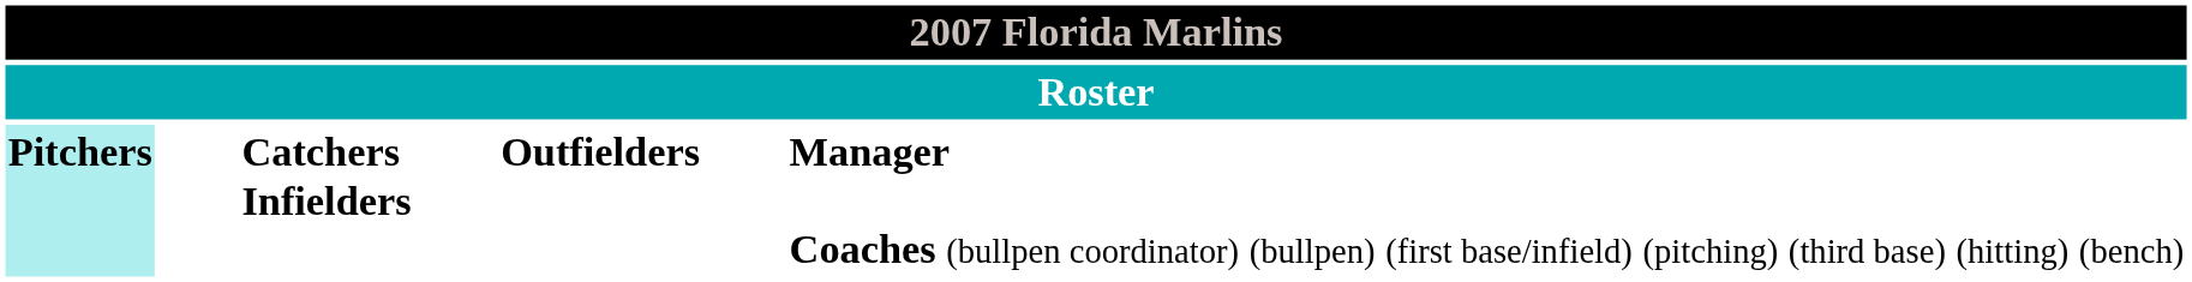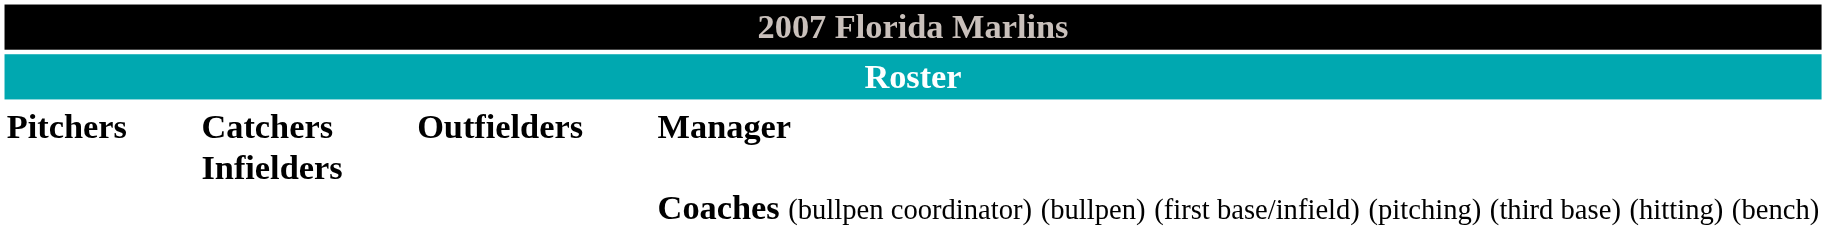 <table class="toccolours" style="font-size: 95%;">
 <tr>
 <th colspan="10" style="background-color: #000000; color: #C9C0BB; text-align: center;">2007 Florida Marlins</th>
 </tr>
 <tr>
 <td colspan="10" style="background-color: #00a8b0; color: #FFFFFF; text-align: center;"><strong>Roster</strong></td>
 </tr>
 <tr>
-<td valign="top" style="background: paleturquoise;"><strong>Pitchers</strong><br>                                </td>
+<td valign="top"><strong>Pitchers</strong><br>                                </td>
 <td width="25px"></td>
 <td valign="top"><strong>Catchers</strong><br>   <strong>Infielders</strong>       </td>
 <td width="25px"></td>
 <td valign="top"><strong>Outfielders</strong><br>          </td>
 <td width="25px"></td>
 <td valign="top"><strong>Manager</strong><br><br><strong>Coaches</strong>  <small>(bullpen coordinator)</small>  <small>(bullpen)</small>  <small>(first base/infield)</small>  <small>(pitching)</small>  <small>(third base)</small>  <small>(hitting)</small>  <small>(bench)</small></td>
 </tr>
 <tr>
 </tr>
 </table>
